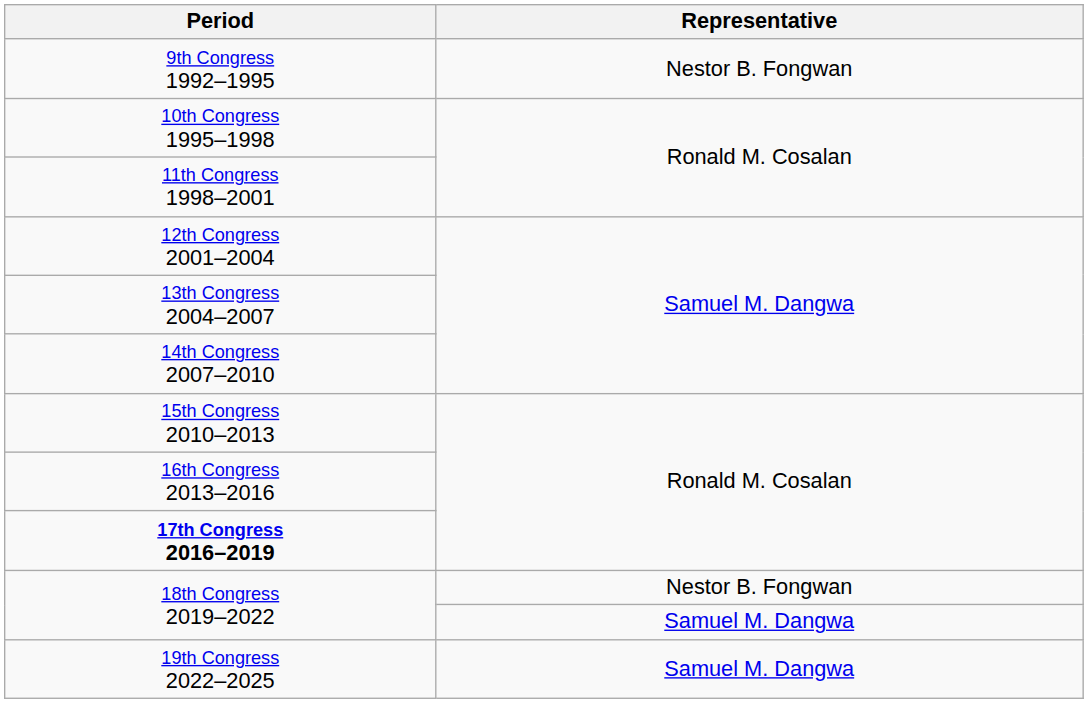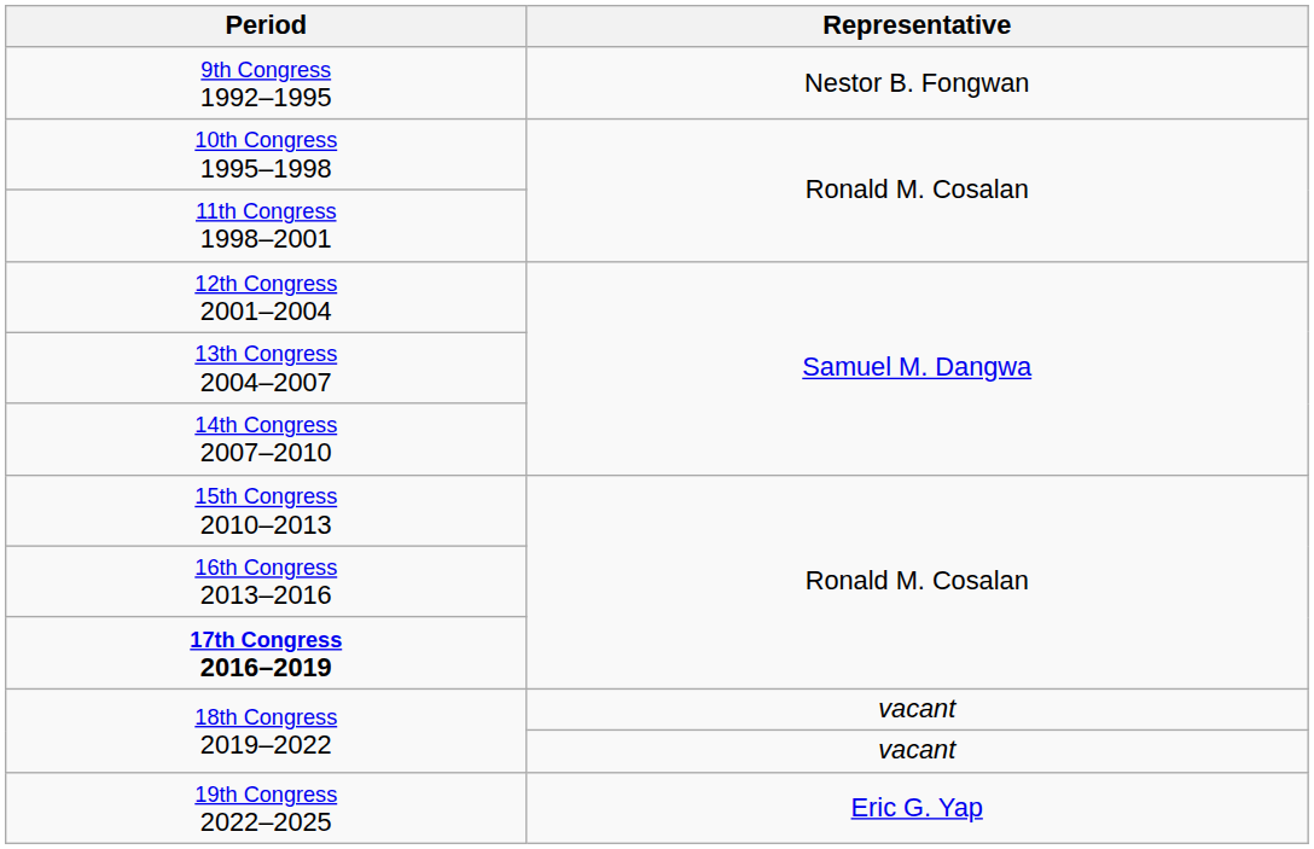 <table class="wikitable" style="text-align:center; width:40%;">
 <tr>
 <th width="40%">Period</th>
 <th>Representative</th>
 </tr>
 <tr>
 <td><small><a href='#'>9th Congress</a></small><br>1992–1995</td>
 <td>Nestor B. Fongwan</td>
 </tr>
 <tr>
 <td><small><a href='#'>10th Congress</a></small><br>1995–1998</td>
 <td rowspan="2">Ronald M. Cosalan</td>
 </tr>
 <tr>
 <td><small><a href='#'>11th Congress</a></small><br>1998–2001</td>
 </tr>
 <tr>
 <td><small><a href='#'>12th Congress</a></small><br>2001–2004</td>
 <td rowspan="3"><a href='#'>Samuel M. Dangwa</a></td>
 </tr>
 <tr>
 <td><small><a href='#'>13th Congress</a></small><br>2004–2007</td>
 </tr>
 <tr>
 <td><small><a href='#'>14th Congress</a></small><br>2007–2010</td>
 </tr>
 <tr>
 <td><small><a href='#'>15th Congress</a></small><br>2010–2013</td>
 <td rowspan="3">Ronald M. Cosalan</td>
 </tr>
 <tr>
 <td><small><a href='#'>16th Congress</a></small><br>2013–2016</td>
 </tr>
 <tr>
 <td><strong><small><a href='#'>17th Congress</a></small><br>2016–2019</strong></td>
 </tr>
 <tr>
 <td rowspan=2><small><a href='#'>18th Congress</a></small><br>2019–2022</td>
-<td>Nestor B. Fongwan</td>
+<td><em>vacant</em></td>
 </tr>
 <tr>
-<td><a href='#'>Samuel M. Dangwa</a></td>
+<td><em>vacant</em></td>
 </tr>
 <tr>
 <td><small><a href='#'>19th Congress</a></small><br>2022–2025</td>
-<td><a href='#'>Samuel M. Dangwa</a></td>
+<td><a href='#'> Eric G. Yap</a></td>
 </tr>
 </table>
